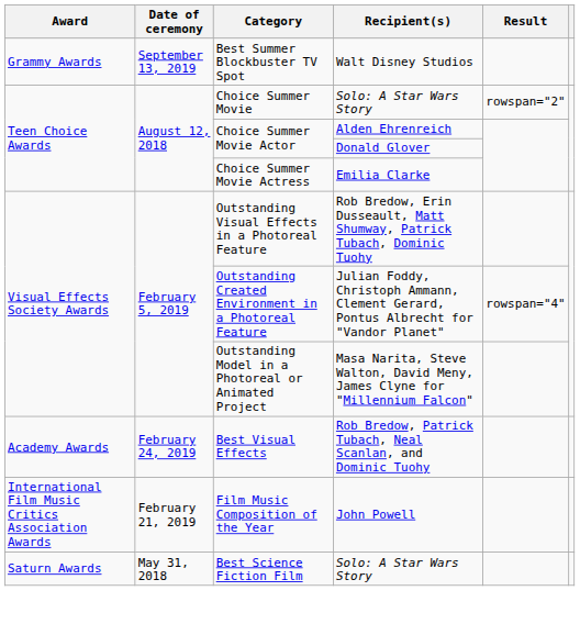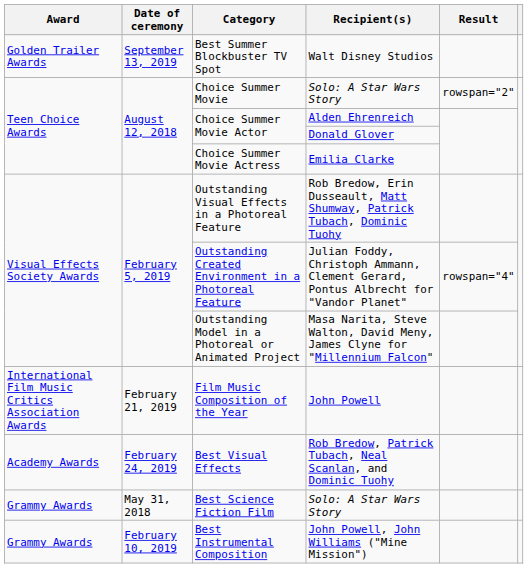 <table class="wikitable plainrowheaders sortable" style="width:99%;">
 <tr style="background:#ccc; text-align:center;">
 <th scope="col">Award</th>
 <th scope="col">Date of ceremony</th>
 <th scope="col">Category</th>
 <th scope="col">Recipient(s)</th>
 <th scope="col">Result</th>
 <th scope="col" class="unsortable"></th>
 </tr>
 <tr>
-<td><a href='#'>Grammy Awards</a></td>
+<td><a href='#'>Golden Trailer Awards</a></td>
 <td><a href='#'>September 13, 2019</a></td>
 <td>Best Summer Blockbuster TV Spot</td>
 <td>Walt Disney Studios</td>
 <td></td>
 <td style="text-align:center;"></td>
 </tr>
 <tr>
 <td rowspan="4"><a href='#'>Teen Choice Awards</a></td>
 <td rowspan="4"><a href='#'>August 12, 2018</a></td>
 <td>Choice Summer Movie</td>
 <td><em>Solo: A Star Wars Story</em></td>
 <td>rowspan="2"</td>
 <td rowspan="4" style="text-align:center;"></td>
 </tr>
 <tr>
 <td rowspan="2">Choice Summer Movie Actor</td>
 <td><a href='#'>Alden Ehrenreich</a></td>
 </tr>
 <tr>
 <td><a href='#'>Donald Glover</a></td>
 </tr>
 <tr>
 <td>Choice Summer Movie Actress</td>
 <td><a href='#'>Emilia Clarke</a></td>
 </tr>
 <tr>
 <td rowspan="3"><a href='#'>Visual Effects Society Awards</a></td>
 <td rowspan="3"><a href='#'>February 5, 2019</a></td>
 <td>Outstanding Visual Effects in a Photoreal Feature</td>
 <td>Rob Bredow, Erin Dusseault, <a href='#'>Matt Shumway</a>, <a href='#'>Patrick Tubach</a>, <a href='#'>Dominic Tuohy</a></td>
 <td></td>
 <td rowspan="3" style="text-align:center;"></td>
 </tr>
 <tr>
 <td><a href='#'>Outstanding Created Environment in a Photoreal Feature</a></td>
 <td>Julian Foddy, Christoph Ammann, Clement Gerard, Pontus Albrecht for "Vandor Planet"</td>
 <td>rowspan="4" </td>
 </tr>
 <tr>
 <td>Outstanding Model in a Photoreal or Animated Project</td>
 <td>Masa Narita, Steve Walton, David Meny, James Clyne for "<a href='#'>Millennium Falcon</a>"</td>
 </tr>
 <tr>
+<td><a href='#'>International Film Music Critics Association Awards</a></td>
+<td>February 21, 2019</td>
+<td><a href='#'>Film Music Composition of the Year</a></td>
+<td><a href='#'>John Powell</a></td>
+<td></td>
+<td style="text-align:center;"></td>
+</tr>
+<tr>
 <td><a href='#'>Academy Awards</a></td>
 <td><a href='#'>February 24, 2019</a></td>
 <td><a href='#'>Best Visual Effects</a></td>
 <td><a href='#'>Rob Bredow</a>, <a href='#'>Patrick Tubach</a>, <a href='#'>Neal Scanlan</a>, and <a href='#'>Dominic Tuohy</a></td>
 <td></td>
 <td style="text-align:center;"></td>
 </tr>
 <tr>
-<td><a href='#'>International Film Music Critics Association Awards</a></td>
-<td>February 21, 2019</td>
-<td><a href='#'>Film Music Composition of the Year</a></td>
-<td><a href='#'>John Powell</a></td>
-<td></td>
-<td style="text-align:center;"></td>
-</tr>
-<tr>
-<td><a href='#'>Saturn Awards</a></td>
+<td><a href='#'>Grammy Awards</a></td>
 <td>May 31, 2018</td>
 <td><a href='#'>Best Science Fiction Film</a></td>
 <td><em>Solo: A Star Wars Story</em></td>
 <td></td>
 <td style="text-align:center;"></td>
 </tr>
+<tr>
+<td><a href='#'>Grammy Awards</a></td>
+<td><a href='#'>February 10, 2019</a></td>
+<td><a href='#'>Best Instrumental Composition</a></td>
+<td><a href='#'>John Powell</a>, <a href='#'>John Williams</a> ("Mine Mission")</td>
+<td></td>
+<td style="text-align:center;"></td>
+</tr>
 </table>
